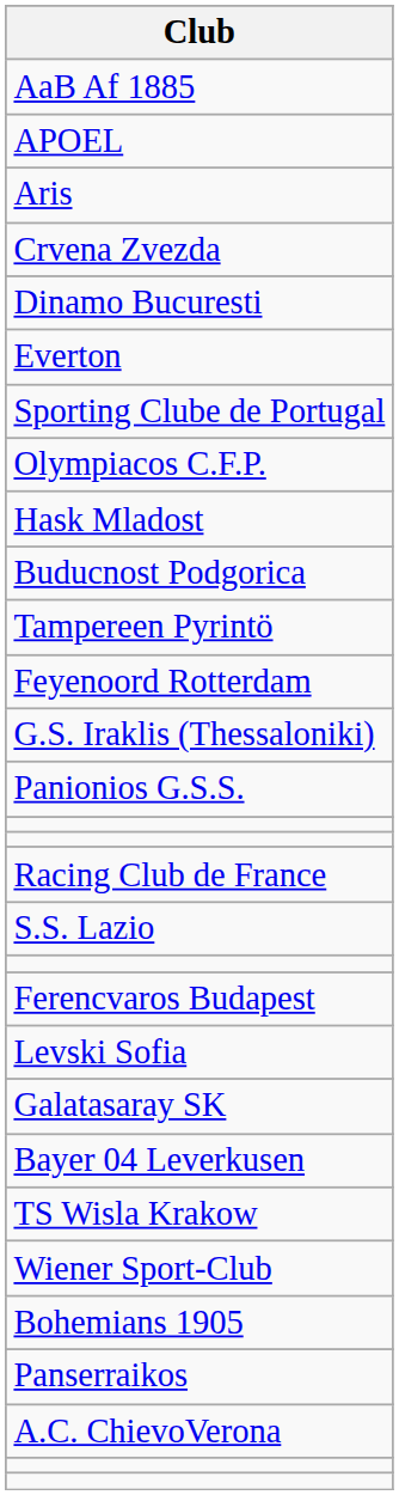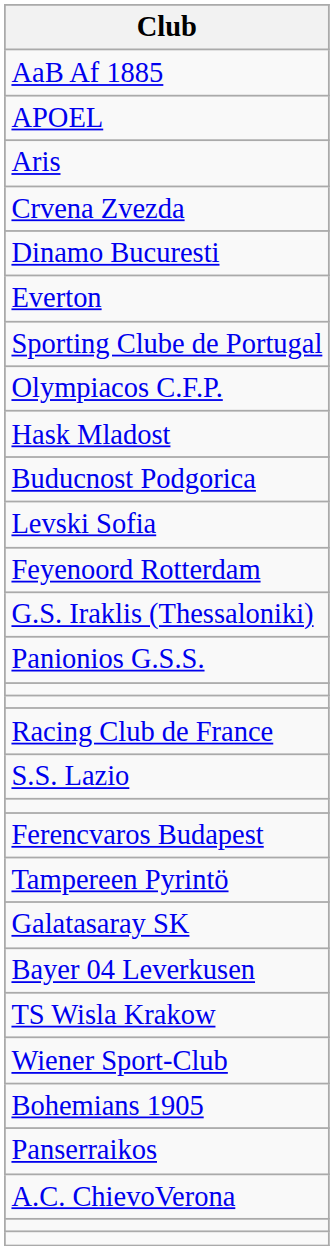 <table class="wikitable">
 <tr>
 <th>Club</th>
 </tr>
 <tr>
 <td> <a href='#'>AaB Af 1885</a></td>
 </tr>
 <tr>
 <td> <a href='#'>APOEL</a></td>
 </tr>
 <tr>
 <td> <a href='#'>Aris</a></td>
 </tr>
 <tr>
 <td> <a href='#'>Crvena Zvezda</a></td>
 </tr>
 <tr>
 <td> <a href='#'>Dinamo Bucuresti</a></td>
 </tr>
 <tr>
 <td> <a href='#'>Everton</a></td>
 </tr>
 <tr>
 <td> <a href='#'>Sporting Clube de Portugal</a></td>
 </tr>
 <tr>
 <td> <a href='#'>Olympiacos C.F.P.</a></td>
 </tr>
 <tr>
 <td> <a href='#'>Hask Mladost</a></td>
 </tr>
 <tr>
 <td> <a href='#'>Buducnost Podgorica</a></td>
 </tr>
 <tr>
-<td> <a href='#'>Tampereen Pyrintö</a></td>
+<td> <a href='#'>Levski Sofia</a></td>
 </tr>
 <tr>
 <td> <a href='#'>Feyenoord Rotterdam</a></td>
 </tr>
 <tr>
 <td> <a href='#'>G.S. Iraklis (Thessaloniki)</a></td>
 </tr>
 <tr>
 <td> <a href='#'>Panionios G.S.S.</a></td>
 </tr>
 <tr>
 <td>  </td>
 </tr>
 <tr>
 <td> </td>
 </tr>
 <tr>
 <td> <a href='#'>Racing Club de France</a></td>
 </tr>
 <tr>
 <td> <a href='#'>S.S. Lazio</a></td>
 </tr>
 <tr>
 <td> </td>
 </tr>
 <tr>
 <td> <a href='#'>Ferencvaros Budapest</a></td>
 </tr>
 <tr>
-<td> <a href='#'>Levski Sofia</a></td>
+<td> <a href='#'>Tampereen Pyrintö</a></td>
 </tr>
 <tr>
 <td> <a href='#'>Galatasaray SK</a></td>
 </tr>
 <tr>
 <td> <a href='#'>Bayer 04 Leverkusen</a></td>
 </tr>
 <tr>
 <td> <a href='#'>TS Wisla Krakow</a></td>
 </tr>
 <tr>
 <td> <a href='#'>Wiener Sport-Club</a></td>
 </tr>
 <tr>
 <td> <a href='#'>Bohemians 1905</a></td>
 </tr>
 <tr>
 <td> <a href='#'>Panserraikos</a></td>
 </tr>
 <tr>
 <td> <a href='#'>A.C. ChievoVerona</a></td>
 </tr>
 <tr>
 <td> </td>
 </tr>
 <tr>
 <td>  </td>
 </tr>
 </table>
